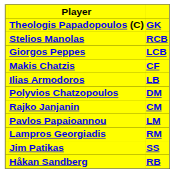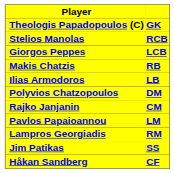 <table class="toccolours" border="0" cellpadding="2" cellspacing="0" align="center" style="margin: 0.5em 0 1em 1em; background: #000000; border: 1px #aaaaaa solid;">
 <tr bgcolor=#FFFF00>
 <th></th>
 <th>Player</th>
 <th></th>
 </tr>
 <tr bgcolor=#FFFF00>
 <td></td>
 <td><a href='#'><span><strong>Theologis Papadopoulos</strong></span></a> <strong>(C)</strong></td>
 <td><a href='#'><strong>GK</strong></a></td>
 </tr>
 <tr bgcolor=#FFFF00>
 <td></td>
 <td><a href='#'><span><strong>Stelios Manolas</strong></span></a></td>
 <td><a href='#'><strong>RCB</strong></a></td>
 </tr>
 <tr bgcolor=#FFFF00>
 <td></td>
 <td><a href='#'><span><strong>Giorgos Peppes</strong></span></a></td>
 <td><a href='#'><strong>LCB</strong></a></td>
 </tr>
 <tr bgcolor=#FFFF00>
 <td></td>
 <td><a href='#'><span><strong>Makis Chatzis</strong></span></a></td>
-<td><a href='#'><strong>CF</strong></a></td>
+<td><a href='#'><strong>RB</strong></a></td>
 </tr>
 <tr bgcolor=#FFFF00>
 <td></td>
 <td><a href='#'><span><strong>Ilias Armodoros</strong></span></a></td>
 <td><a href='#'><strong>LB</strong></a></td>
 </tr>
 <tr bgcolor=#FFFF00>
 <td></td>
 <td><a href='#'><span><strong>Polyvios Chatzopoulos</strong></span></a></td>
 <td><a href='#'><strong>DM</strong></a></td>
 </tr>
 <tr bgcolor=#FFFF00>
 <td></td>
 <td><a href='#'><span><strong>Rajko Janjanin</strong></span></a></td>
 <td><a href='#'><strong>CM</strong></a></td>
 </tr>
 <tr bgcolor=#FFFF00>
 <td></td>
 <td><a href='#'><span><strong>Pavlos Papaioannou</strong></span></a></td>
 <td><a href='#'><strong>LM</strong></a></td>
 </tr>
 <tr bgcolor=#FFFF00>
 <td></td>
 <td><a href='#'><span><strong>Lampros Georgiadis</strong></span></a></td>
 <td><a href='#'><strong>RM</strong></a></td>
 </tr>
 <tr bgcolor=#FFFF00>
 <td></td>
 <td><a href='#'><span><strong>Jim Patikas</strong></span></a></td>
 <td><a href='#'><strong>SS</strong></a></td>
 </tr>
 <tr bgcolor=#FFFF00>
 <td></td>
 <td><a href='#'><span><strong>Håkan Sandberg</strong></span></a></td>
-<td><a href='#'><strong>RB</strong></a></td>
+<td><a href='#'><strong>CF</strong></a></td>
 </tr>
 </table>
